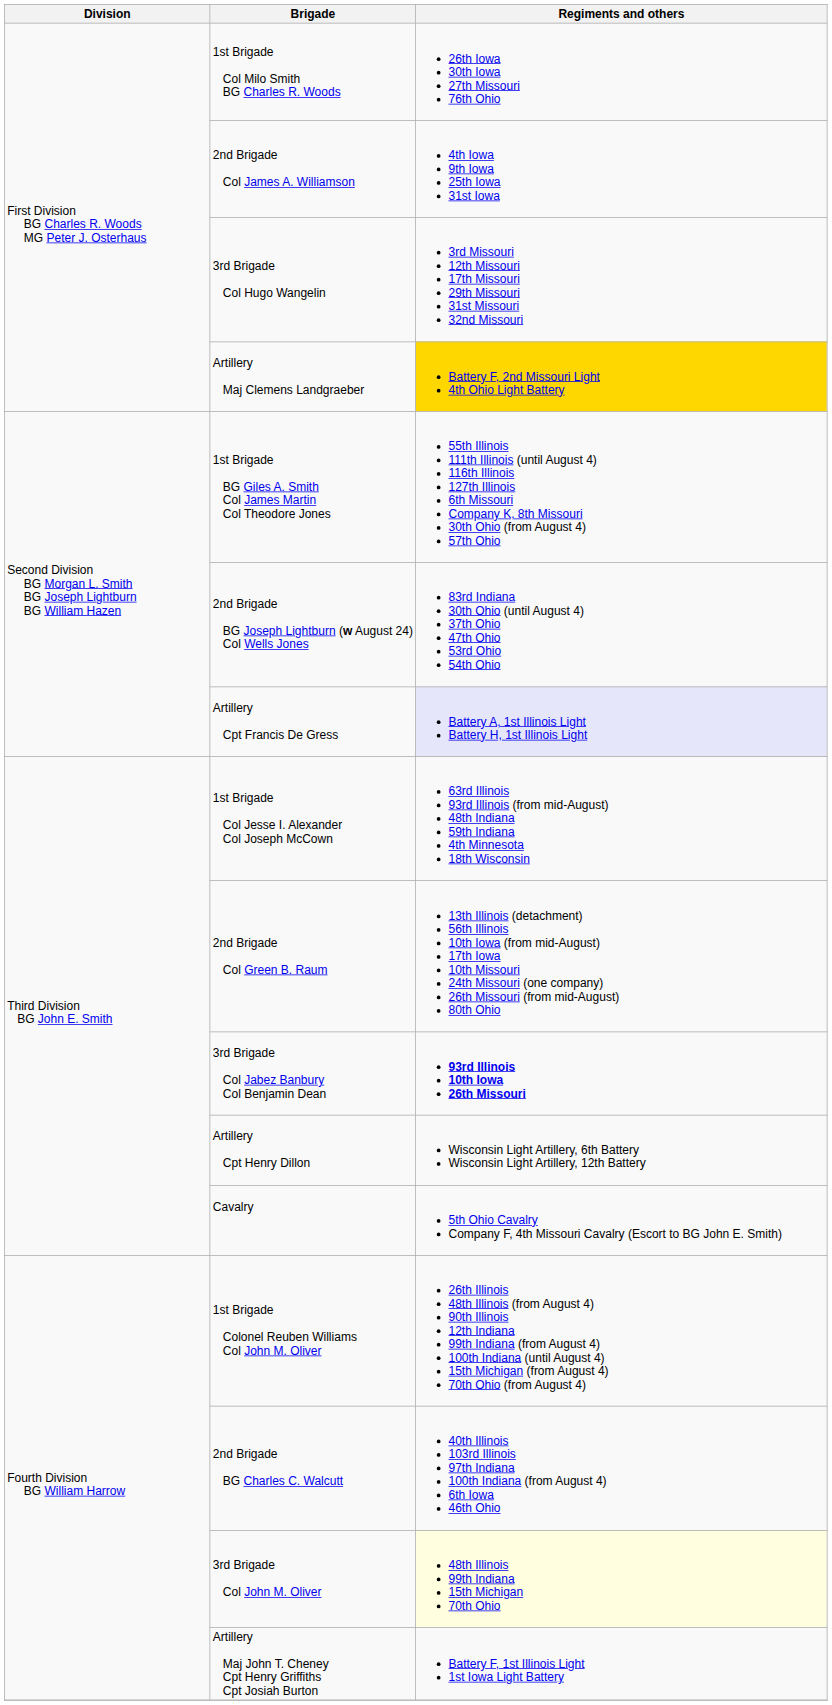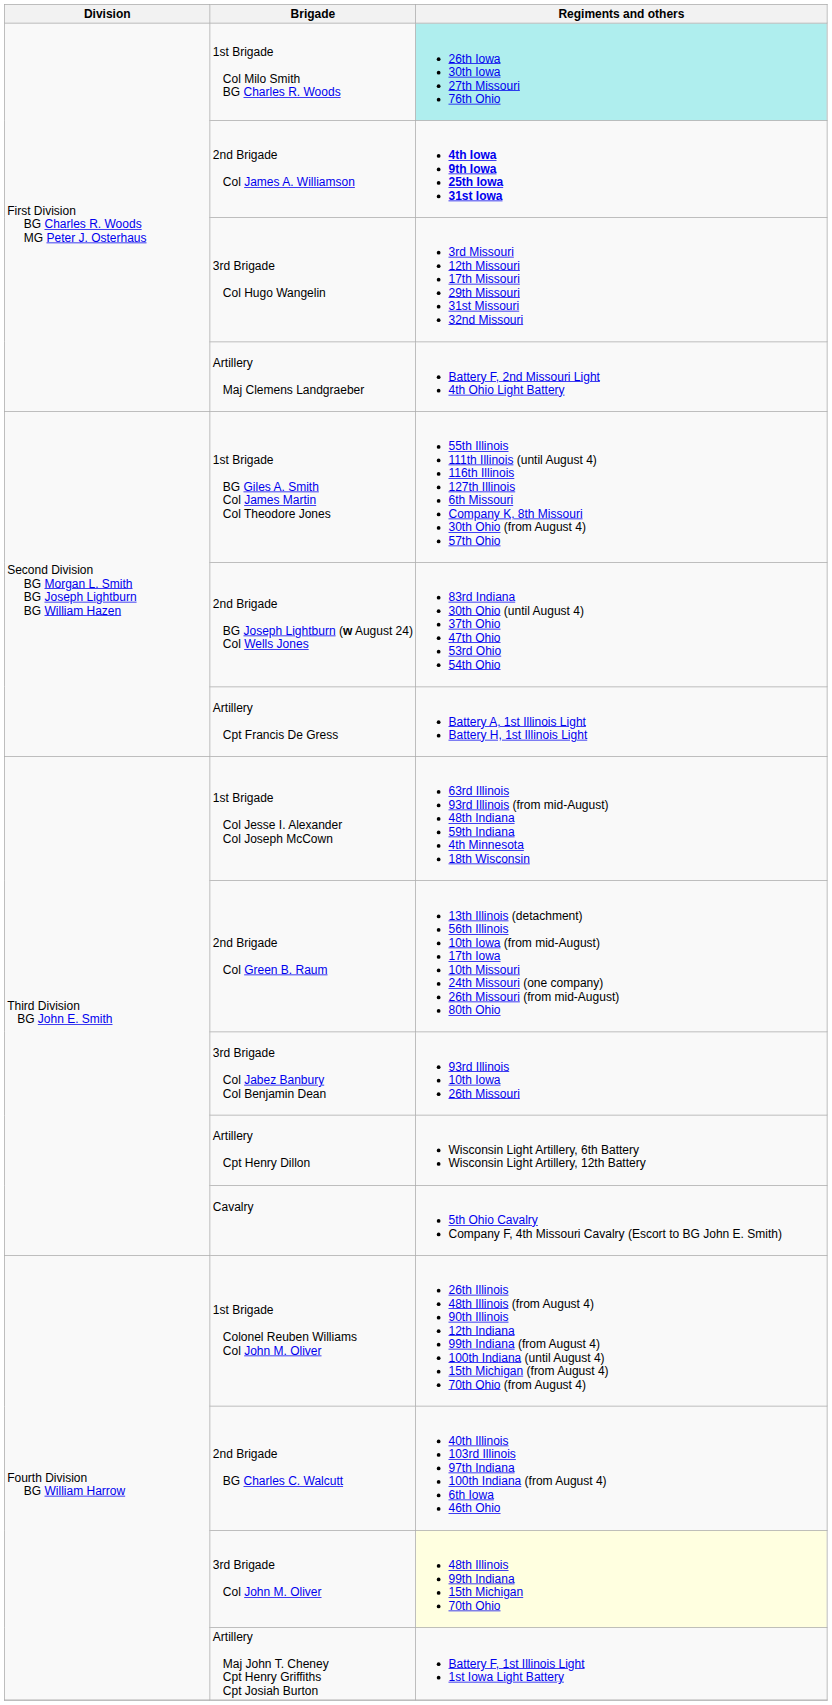 <table class="wikitable">
 <tr>
 <th width=25%>Division</th>
 <th width=25%>Brigade</th>
 <th>Regiments and others</th>
 </tr>
 <tr>
 <td rowspan=4><br>First Division <br>     BG <a href='#'>Charles R. Woods</a><br>     MG <a href='#'>Peter J. Osterhaus</a></td>
 <td>1st Brigade<br><br>   Col Milo Smith<br>   BG <a href='#'>Charles R. Woods</a></td>
-<td><br><ul><li><a href='#'>26th Iowa</a></li><li><a href='#'>30th Iowa</a></li><li><a href='#'>27th Missouri</a></li><li><a href='#'>76th Ohio</a></li></ul></td>
+<td style="background: paleturquoise;"><br><ul><li><a href='#'>26th Iowa</a></li><li><a href='#'>30th Iowa</a></li><li><a href='#'>27th Missouri</a></li><li><a href='#'>76th Ohio</a></li></ul></td>
 </tr>
 <tr>
 <td>2nd Brigade<br><br>   Col <a href='#'>James A. Williamson</a></td>
-<td><br><ul><li><a href='#'>4th Iowa</a></li><li><a href='#'>9th Iowa</a></li><li><a href='#'>25th Iowa</a></li><li><a href='#'>31st Iowa</a></li></ul></td>
+<td><strong><br><ul><li><a href='#'>4th Iowa</a></li><li><a href='#'>9th Iowa</a></li><li><a href='#'>25th Iowa</a></li><li><a href='#'>31st Iowa</a></li></ul></strong></td>
 </tr>
 <tr>
 <td>3rd Brigade<br><br>   Col Hugo Wangelin</td>
 <td><br><ul><li><a href='#'>3rd Missouri</a></li><li><a href='#'>12th Missouri</a></li><li><a href='#'>17th Missouri</a></li><li><a href='#'>29th Missouri</a></li><li><a href='#'>31st Missouri</a></li><li><a href='#'>32nd Missouri</a></li></ul></td>
 </tr>
 <tr>
 <td>Artillery<br><br>   Maj Clemens Landgraeber</td>
-<td style="background: gold;"><br><ul><li><a href='#'>Battery F, 2nd Missouri Light</a></li><li><a href='#'>4th Ohio Light Battery</a></li></ul></td>
+<td><br><ul><li><a href='#'>Battery F, 2nd Missouri Light</a></li><li><a href='#'>4th Ohio Light Battery</a></li></ul></td>
 </tr>
 <tr>
 <td rowspan=3><br>Second Division <br>     BG <a href='#'>Morgan L. Smith</a><br>     BG <a href='#'>Joseph Lightburn</a><br>     BG <a href='#'>William Hazen</a></td>
 <td>1st Brigade<br><br>   BG <a href='#'>Giles A. Smith</a><br>   Col <a href='#'>James Martin</a><br>   Col Theodore Jones</td>
 <td><br><ul><li><a href='#'>55th Illinois</a></li><li><a href='#'>111th Illinois</a> (until August 4)</li><li><a href='#'>116th Illinois</a></li><li><a href='#'>127th Illinois</a></li><li><a href='#'>6th Missouri</a></li><li><a href='#'>Company K, 8th Missouri</a></li><li><a href='#'>30th Ohio</a> (from August 4)</li><li><a href='#'>57th Ohio</a></li></ul></td>
 </tr>
 <tr>
 <td>2nd Brigade<br><br>   BG <a href='#'>Joseph Lightburn</a> (<strong>w</strong> August 24)<br>   Col <a href='#'>Wells Jones</a></td>
 <td><br><ul><li><a href='#'>83rd Indiana</a></li><li><a href='#'>30th Ohio</a> (until August 4)</li><li><a href='#'>37th Ohio</a></li><li><a href='#'>47th Ohio</a></li><li><a href='#'>53rd Ohio</a></li><li><a href='#'>54th Ohio</a></li></ul></td>
 </tr>
 <tr>
 <td>Artillery<br><br>   Cpt Francis De Gress</td>
-<td style="background: lavender;"><br><ul><li><a href='#'>Battery A, 1st Illinois Light</a></li><li><a href='#'>Battery H, 1st Illinois Light</a></li></ul></td>
+<td><br><ul><li><a href='#'>Battery A, 1st Illinois Light</a></li><li><a href='#'>Battery H, 1st Illinois Light</a></li></ul></td>
 </tr>
 <tr>
 <td rowspan=5><br>Third Division <br>   BG <a href='#'>John E. Smith</a></td>
 <td>1st Brigade<br><br>   Col Jesse I. Alexander<br>   Col Joseph McCown</td>
 <td><br><ul><li><a href='#'>63rd Illinois</a></li><li><a href='#'>93rd Illinois</a> (from mid-August)</li><li><a href='#'>48th Indiana</a></li><li><a href='#'>59th Indiana</a></li><li><a href='#'>4th Minnesota</a></li><li><a href='#'>18th Wisconsin</a></li></ul></td>
 </tr>
 <tr>
 <td>2nd Brigade<br><br>   Col <a href='#'>Green B. Raum</a></td>
 <td><br><ul><li><a href='#'>13th Illinois</a> (detachment)</li><li><a href='#'>56th Illinois</a></li><li><a href='#'>10th Iowa</a> (from mid-August)</li><li><a href='#'>17th Iowa</a></li><li><a href='#'>10th Missouri</a></li><li><a href='#'>24th Missouri</a> (one company)</li><li><a href='#'>26th Missouri</a> (from mid-August)</li><li><a href='#'>80th Ohio</a></li></ul></td>
 </tr>
 <tr>
 <td>3rd Brigade<br><br>   Col <a href='#'>Jabez Banbury</a><br>   Col Benjamin Dean</td>
-<td><strong><br><ul><li><a href='#'>93rd Illinois</a></li><li><a href='#'>10th Iowa</a></li><li><a href='#'>26th Missouri</a></li></ul></strong></td>
+<td><br><ul><li><a href='#'>93rd Illinois</a></li><li><a href='#'>10th Iowa</a></li><li><a href='#'>26th Missouri</a></li></ul></td>
 </tr>
 <tr>
 <td>Artillery<br><br>   Cpt Henry Dillon</td>
 <td><br><ul><li>Wisconsin Light Artillery, 6th Battery</li><li>Wisconsin Light Artillery, 12th Battery</li></ul></td>
 </tr>
 <tr>
 <td>Cavalry<br><br>  </td>
 <td><br><ul><li><a href='#'>5th Ohio Cavalry</a></li><li>Company F, 4th Missouri Cavalry (Escort to BG John E. Smith)</li></ul></td>
 </tr>
 <tr>
 <td rowspan=4><br>Fourth Division <br>     BG <a href='#'>William Harrow</a><br></td>
 <td>1st Brigade<br><br>   Colonel Reuben Williams<br>   Col <a href='#'>John M. Oliver</a></td>
 <td><br><ul><li><a href='#'>26th Illinois</a></li><li><a href='#'>48th Illinois</a> (from August 4)</li><li><a href='#'>90th Illinois</a></li><li><a href='#'>12th Indiana</a></li><li><a href='#'>99th Indiana</a> (from August 4)</li><li><a href='#'>100th Indiana</a> (until August 4)</li><li><a href='#'>15th Michigan</a> (from August 4)</li><li><a href='#'>70th Ohio</a> (from August 4)</li></ul></td>
 </tr>
 <tr>
 <td>2nd Brigade<br><br>   BG <a href='#'>Charles C. Walcutt</a></td>
 <td><br><ul><li><a href='#'>40th Illinois</a></li><li><a href='#'>103rd Illinois</a></li><li><a href='#'>97th Indiana</a></li><li><a href='#'>100th Indiana</a> (from August 4)</li><li><a href='#'>6th Iowa</a></li><li><a href='#'>46th Ohio</a></li></ul></td>
 </tr>
 <tr>
 <td>3rd Brigade<br><br>   Col <a href='#'>John M. Oliver</a></td>
 <td style="background: lightyellow;"><br><ul><li><a href='#'>48th Illinois</a></li><li><a href='#'>99th Indiana</a></li><li><a href='#'>15th Michigan</a></li><li><a href='#'>70th Ohio</a></li></ul></td>
 </tr>
 <tr>
 <td>Artillery<br><br>   Maj John T. Cheney<br>   Cpt Henry Griffiths<br>   Cpt Josiah Burton</td>
 <td><br><ul><li><a href='#'>Battery F, 1st Illinois Light</a></li><li><a href='#'>1st Iowa Light Battery</a></li></ul></td>
 </tr>
 <tr>
 </tr>
 </table>
